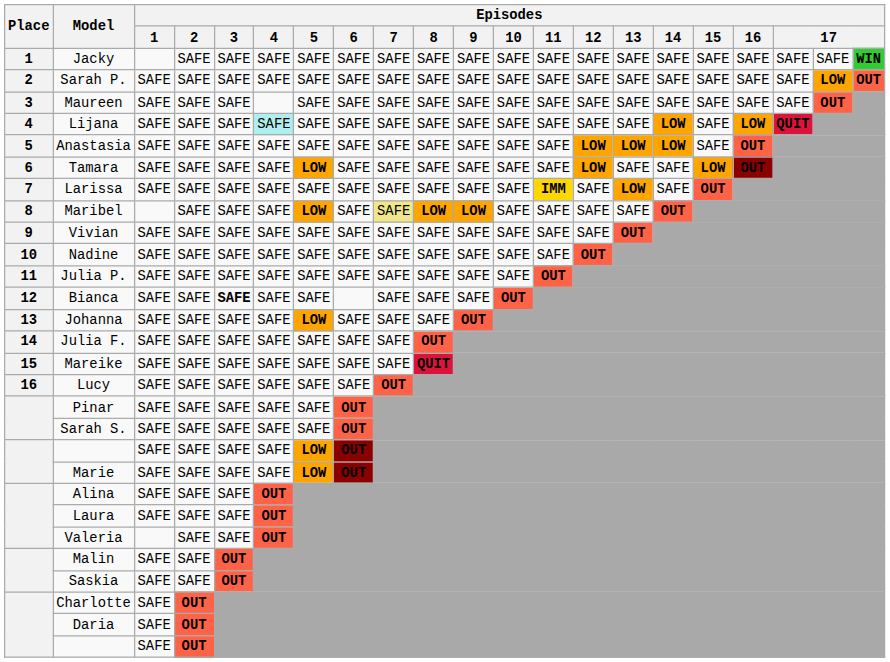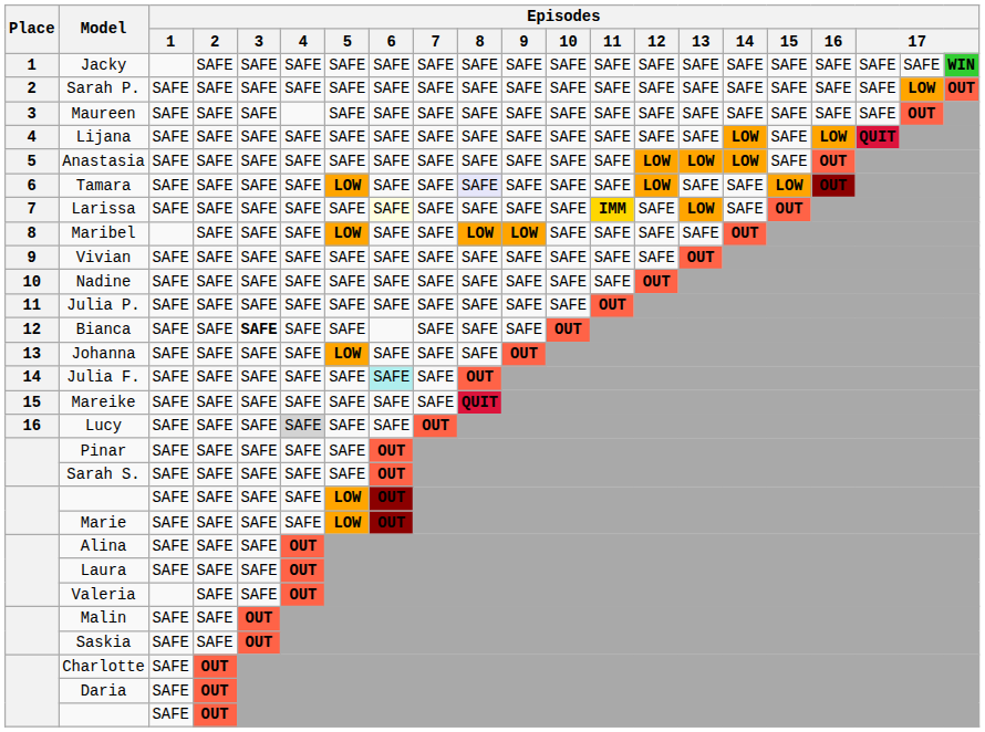 <table class="wikitable" style="width:50%; text-align:center; font-size:85%;">
 <tr>
 <th rowspan="2">Place</th>
 <th rowspan="2">Model</th>
 <th colspan="20">Episodes</th>
 </tr>
 <tr>
 <th>1</th>
 <th>2</th>
 <th>3</th>
 <th>4</th>
 <th>5</th>
 <th>6</th>
 <th>7</th>
 <th>8</th>
 <th>9</th>
 <th>10</th>
 <th>11</th>
 <th>12</th>
 <th>13</th>
 <th>14</th>
 <th>15</th>
 <th>16</th>
 <th colspan=3>17</th>
 </tr>
 <tr>
 <th>1</th>
 <td>Jacky</td>
 <td></td>
 <td>SAFE</td>
 <td>SAFE</td>
 <td>SAFE</td>
 <td>SAFE</td>
 <td>SAFE</td>
 <td>SAFE</td>
 <td>SAFE</td>
 <td>SAFE</td>
 <td>SAFE</td>
 <td>SAFE</td>
 <td>SAFE</td>
 <td>SAFE</td>
 <td>SAFE</td>
 <td>SAFE</td>
 <td>SAFE</td>
 <td>SAFE</td>
 <td>SAFE</td>
 <td style="background:limegreen;"><strong>WIN</strong></td>
 </tr>
 <tr>
 <th>2</th>
 <td>Sarah P.</td>
 <td>SAFE</td>
 <td>SAFE</td>
 <td>SAFE</td>
 <td>SAFE</td>
 <td>SAFE</td>
 <td>SAFE</td>
 <td>SAFE</td>
 <td>SAFE</td>
 <td>SAFE</td>
 <td>SAFE</td>
 <td>SAFE</td>
 <td>SAFE</td>
 <td>SAFE</td>
 <td>SAFE</td>
 <td>SAFE</td>
 <td>SAFE</td>
 <td>SAFE</td>
 <td style="background:orange;"><strong>LOW</strong></td>
 <td style="background:tomato;"><strong>OUT</strong></td>
 </tr>
 <tr>
 <th>3</th>
 <td>Maureen</td>
 <td>SAFE</td>
 <td>SAFE</td>
 <td>SAFE</td>
 <td></td>
 <td>SAFE</td>
 <td>SAFE</td>
 <td>SAFE</td>
 <td>SAFE</td>
 <td>SAFE</td>
 <td>SAFE</td>
 <td>SAFE</td>
 <td>SAFE</td>
 <td>SAFE</td>
 <td>SAFE</td>
 <td>SAFE</td>
 <td>SAFE</td>
 <td>SAFE</td>
 <td style="background:tomato;"><strong>OUT</strong></td>
 <td colspan="25" style="background:darkgrey"></td>
 </tr>
 <tr>
 <th>4</th>
 <td>Lijana</td>
 <td>SAFE</td>
 <td>SAFE</td>
 <td>SAFE</td>
-<td style="background: paleturquoise;">SAFE</td>
+<td>SAFE</td>
 <td>SAFE</td>
 <td>SAFE</td>
 <td>SAFE</td>
 <td>SAFE</td>
 <td>SAFE</td>
 <td>SAFE</td>
 <td>SAFE</td>
 <td>SAFE</td>
 <td>SAFE</td>
 <td style="background:orange;"><strong>LOW</strong></td>
 <td>SAFE</td>
 <td style="background:orange;"><strong>LOW</strong></td>
 <td style="background:crimson;"><span><strong>QUIT</strong></span></td>
 <td colspan="25" style="background:darkgrey"></td>
 </tr>
 <tr>
 <th>5</th>
 <td>Anastasia</td>
 <td>SAFE</td>
 <td>SAFE</td>
 <td>SAFE</td>
 <td>SAFE</td>
 <td>SAFE</td>
 <td>SAFE</td>
 <td>SAFE</td>
 <td>SAFE</td>
 <td>SAFE</td>
 <td>SAFE</td>
 <td>SAFE</td>
 <td style="background:orange;"><strong>LOW</strong></td>
 <td style="background:orange;"><strong>LOW</strong></td>
 <td style="background:orange;"><strong>LOW</strong></td>
 <td>SAFE</td>
 <td style="background:tomato;"><strong>OUT</strong></td>
 <td colspan="25" style="background:darkgrey"></td>
 </tr>
 <tr>
 <th>6</th>
 <td>Tamara</td>
 <td>SAFE</td>
 <td>SAFE</td>
 <td>SAFE</td>
 <td>SAFE</td>
 <td style="background:orange;"><strong>LOW</strong></td>
 <td>SAFE</td>
 <td>SAFE</td>
-<td>SAFE</td>
+<td style="background: lavender;">SAFE</td>
 <td>SAFE</td>
 <td>SAFE</td>
 <td>SAFE</td>
 <td style="background:orange;"><strong>LOW</strong></td>
 <td>SAFE</td>
 <td>SAFE</td>
 <td style="background:orange;"><strong>LOW</strong></td>
 <td style="background:darkred;"><span><strong>OUT</strong></span></td>
 <td colspan="25" style="background:darkgrey"></td>
 </tr>
 <tr>
 <th>7</th>
 <td>Larissa</td>
 <td>SAFE</td>
 <td>SAFE</td>
 <td>SAFE</td>
 <td>SAFE</td>
 <td>SAFE</td>
-<td>SAFE</td>
+<td style="background: lightyellow;">SAFE</td>
 <td>SAFE</td>
 <td>SAFE</td>
 <td>SAFE</td>
 <td>SAFE</td>
 <td style="background:gold;"><strong>IMM</strong></td>
 <td>SAFE</td>
 <td style="background:orange;"><strong>LOW</strong></td>
 <td>SAFE</td>
 <td style="background:tomato;"><strong>OUT</strong></td>
 <td colspan="25" style="background:darkgrey"></td>
 </tr>
 <tr>
 <th>8</th>
 <td>Maribel</td>
 <td></td>
 <td>SAFE</td>
 <td>SAFE</td>
 <td>SAFE</td>
 <td style="background:orange;"><strong>LOW</strong></td>
 <td>SAFE</td>
-<td style="background: khaki;">SAFE</td>
+<td>SAFE</td>
 <td style="background:orange;"><strong>LOW</strong></td>
 <td style="background:orange;"><strong>LOW</strong></td>
 <td>SAFE</td>
 <td>SAFE</td>
 <td>SAFE</td>
 <td>SAFE</td>
 <td style="background:tomato;"><strong>OUT</strong></td>
 <td colspan="25" style="background:darkgrey"></td>
 </tr>
 <tr>
 <th>9</th>
 <td>Vivian</td>
 <td>SAFE</td>
 <td>SAFE</td>
 <td>SAFE</td>
 <td>SAFE</td>
 <td>SAFE</td>
 <td>SAFE</td>
 <td>SAFE</td>
 <td>SAFE</td>
 <td>SAFE</td>
 <td>SAFE</td>
 <td>SAFE</td>
 <td>SAFE</td>
 <td style="background:tomato;"><strong>OUT</strong></td>
 <td colspan="25" style="background:darkgrey"></td>
 </tr>
 <tr>
 <th>10</th>
 <td>Nadine</td>
 <td>SAFE</td>
 <td>SAFE</td>
 <td>SAFE</td>
 <td>SAFE</td>
 <td>SAFE</td>
 <td>SAFE</td>
 <td>SAFE</td>
 <td>SAFE</td>
 <td>SAFE</td>
 <td>SAFE</td>
 <td>SAFE</td>
 <td style="background:tomato;"><strong>OUT</strong></td>
 <td colspan="25" style="background:darkgrey"></td>
 </tr>
 <tr>
 <th>11</th>
 <td>Julia P.</td>
 <td>SAFE</td>
 <td>SAFE</td>
 <td>SAFE</td>
 <td>SAFE</td>
 <td>SAFE</td>
 <td>SAFE</td>
 <td>SAFE</td>
 <td>SAFE</td>
 <td>SAFE</td>
 <td>SAFE</td>
 <td style="background:tomato;"><strong>OUT</strong></td>
 <td colspan="25" style="background:darkgrey"></td>
 </tr>
 <tr>
 <th>12</th>
 <td>Bianca</td>
 <td>SAFE</td>
 <td>SAFE</td>
 <td><strong>SAFE</strong></td>
 <td>SAFE</td>
 <td>SAFE</td>
 <td></td>
 <td>SAFE</td>
 <td>SAFE</td>
 <td>SAFE</td>
 <td style="background:tomato;"><strong>OUT</strong></td>
 <td colspan="25" style="background:darkgrey"></td>
 </tr>
 <tr>
 <th>13</th>
 <td>Johanna</td>
 <td>SAFE</td>
 <td>SAFE</td>
 <td>SAFE</td>
 <td>SAFE</td>
 <td style="background:orange;"><strong>LOW</strong></td>
 <td>SAFE</td>
 <td>SAFE</td>
 <td>SAFE</td>
 <td style="background:tomato;"><strong>OUT</strong></td>
 <td colspan="25" style="background:darkgrey"></td>
 </tr>
 <tr>
 <th>14</th>
 <td>Julia F.</td>
 <td>SAFE</td>
 <td>SAFE</td>
 <td>SAFE</td>
 <td>SAFE</td>
 <td>SAFE</td>
-<td>SAFE</td>
+<td style="background: paleturquoise;">SAFE</td>
 <td>SAFE</td>
 <td style="background:tomato;"><strong>OUT</strong></td>
 <td colspan="25" style="background:darkgrey"></td>
 </tr>
 <tr>
 <th>15</th>
 <td>Mareike</td>
 <td>SAFE</td>
 <td>SAFE</td>
 <td>SAFE</td>
 <td>SAFE</td>
 <td>SAFE</td>
 <td>SAFE</td>
 <td>SAFE</td>
 <td style="background:crimson;"><span><strong>QUIT</strong></span></td>
 <td colspan="25" style="background:darkgrey"></td>
 </tr>
 <tr>
 <th>16</th>
 <td>Lucy</td>
 <td>SAFE</td>
 <td>SAFE</td>
 <td>SAFE</td>
-<td>SAFE</td>
+<td style="background: lightgrey;">SAFE</td>
 <td>SAFE</td>
 <td>SAFE</td>
 <td style="background:tomato;"><strong>OUT</strong></td>
 <td colspan="25" style="background:darkgrey"></td>
 </tr>
 <tr>
 <th rowspan="2"></th>
 <td>Pinar</td>
 <td>SAFE</td>
 <td>SAFE</td>
 <td>SAFE</td>
 <td>SAFE</td>
 <td>SAFE</td>
 <td style="background:tomato;"><strong>OUT</strong></td>
 <td rowspan="2" colspan="25" style="background:darkgrey"></td>
 </tr>
 <tr>
 <td>Sarah S.</td>
 <td>SAFE</td>
 <td>SAFE</td>
 <td>SAFE</td>
 <td>SAFE</td>
 <td>SAFE</td>
 <td style="background:tomato;"><strong>OUT</strong></td>
 </tr>
 <tr>
 <th rowspan="2"></th>
 <td></td>
 <td>SAFE</td>
 <td>SAFE</td>
 <td>SAFE</td>
 <td>SAFE</td>
 <td style="background:orange;"><strong>LOW</strong></td>
 <td style="background:darkred;"><span><strong>OUT</strong></span></td>
 <td rowspan="2" colspan="25" style="background:darkgrey"></td>
 </tr>
 <tr>
 <td>Marie</td>
 <td>SAFE</td>
 <td>SAFE</td>
 <td>SAFE</td>
 <td>SAFE</td>
 <td style="background:orange;"><strong>LOW</strong></td>
 <td style="background:darkred;"><span><strong>OUT</strong></span></td>
 </tr>
 <tr>
 <th rowspan="3"></th>
 <td>Alina</td>
 <td>SAFE</td>
 <td>SAFE</td>
 <td>SAFE</td>
 <td style="background:tomato;"><strong>OUT</strong></td>
 <td rowspan="3" colspan="25" style="background:darkgrey"></td>
 </tr>
 <tr>
 <td>Laura</td>
 <td>SAFE</td>
 <td>SAFE</td>
 <td>SAFE</td>
 <td style="background:tomato;"><strong>OUT</strong></td>
 </tr>
 <tr>
 <td>Valeria</td>
 <td></td>
 <td>SAFE</td>
 <td>SAFE</td>
 <td style="background:tomato;"><strong>OUT</strong></td>
 </tr>
 <tr>
 <th rowspan="2"></th>
 <td>Malin</td>
 <td>SAFE</td>
 <td>SAFE</td>
 <td style="background:tomato;"><strong>OUT</strong></td>
 <td rowspan="2" colspan="25" style="background:darkgrey"></td>
 </tr>
 <tr>
 <td>Saskia</td>
 <td>SAFE</td>
 <td>SAFE</td>
 <td style="background:tomato;"><strong>OUT</strong></td>
 </tr>
 <tr>
 <th rowspan="3"></th>
 <td>Charlotte</td>
 <td>SAFE</td>
 <td style="background:tomato;"><strong>OUT</strong></td>
 <td rowspan="3" colspan="25" style="background:darkgrey"></td>
 </tr>
 <tr>
 <td>Daria</td>
 <td>SAFE</td>
 <td style="background:tomato;"><strong>OUT</strong></td>
 </tr>
 <tr>
 <td></td>
 <td>SAFE</td>
 <td style="background:tomato;"><strong>OUT</strong></td>
 </tr>
 </table>
